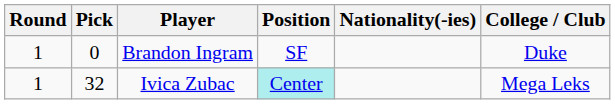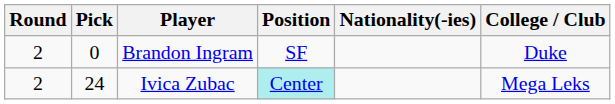 <table class="wikitable sortable sortable">
 <tr>
 <th>Round</th>
 <th>Pick</th>
 <th>Player</th>
 <th>Position</th>
 <th>Nationality(-ies)</th>
 <th>College / Club</th>
 </tr>
 <tr style="text-align: center">
-<td>1</td>
+<td>2</td>
 <td>0</td>
 <td><a href='#'>Brandon Ingram</a></td>
 <td><a href='#'>SF</a></td>
 <td></td>
 <td><a href='#'>Duke</a></td>
 </tr>
 <tr style="text-align: center">
-<td>1</td>
-<td>32</td>
+<td>2</td>
+<td>24</td>
 <td><a href='#'>Ivica Zubac</a></td>
 <td style="background: paleturquoise;"><a href='#'>Center</a></td>
 <td><br></td>
 <td> <a href='#'>Mega Leks</a></td>
 </tr>
 </table>
